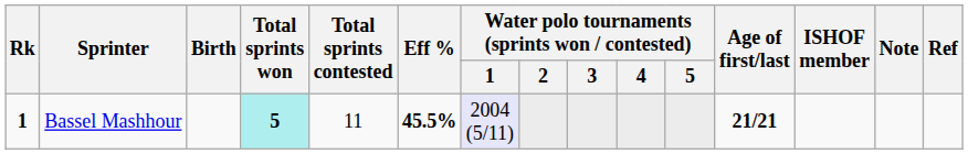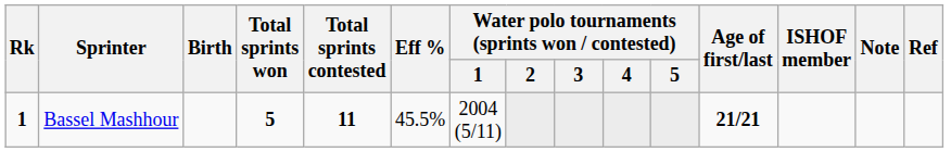 <table class="wikitable sortable" style="text-align: center; font-size: 85%; margin-left: 1em;">
 <tr>
 <th rowspan="2">Rk</th>
 <th rowspan="2">Sprinter</th>
 <th rowspan="2">Birth</th>
 <th rowspan="2">Total<br>sprints<br>won</th>
 <th rowspan="2">Total<br>sprints<br>contested</th>
 <th rowspan="2">Eff %</th>
 <th colspan="5">Water polo tournaments<br>(sprints won / contested)</th>
 <th rowspan="2">Age of<br>first/last</th>
 <th rowspan="2">ISHOF<br>member</th>
 <th rowspan="2">Note</th>
 <th rowspan="2" class="unsortable">Ref</th>
 </tr>
 <tr>
 <th>1</th>
 <th style="width: 2em;" class="unsortable">2</th>
 <th style="width: 2em;" class="unsortable">3</th>
 <th style="width: 2em;" class="unsortable">4</th>
 <th style="width: 2em;" class="unsortable">5</th>
 </tr>
 <tr>
 <td><strong>1</strong></td>
 <td style="text-align: left;" data-sort-value="Mashhour, Bassel"><a href='#'>Bassel Mashhour</a></td>
 <td></td>
-<td style="background: paleturquoise;"><strong>5</strong></td>
-<td>11</td>
-<td><strong>45.5%</strong></td>
-<td style="background: lavender;">2004<br>(5/11)</td>
+<td><strong>5</strong></td>
+<td><strong>11</strong></td>
+<td>45.5%</td>
+<td>2004<br>(5/11)</td>
 <td style="background-color: #ececec;"></td>
 <td style="background-color: #ececec;"></td>
 <td style="background-color: #ececec;"></td>
 <td style="background-color: #ececec;"></td>
 <td><strong>21/21</strong></td>
 <td></td>
 <td style="text-align: left;"></td>
 <td></td>
 </tr>
 </table>
